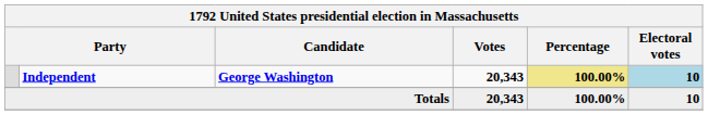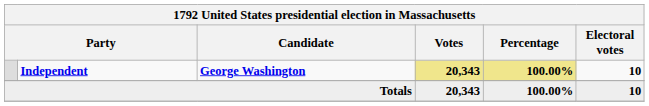 <table class="wikitable" style="font-size: 95%;">
 <tr>
 <th colspan="6">1792 United States presidential election in Massachusetts</th>
 </tr>
 <tr>
 <th colspan="2" style="width: 15em">Party</th>
 <th style="width: 17em">Candidate</th>
 <th style="width: 5em">Votes</th>
 <th style="width: 7em">Percentage</th>
 <th style="width: 5em">Electoral votes</th>
 </tr>
 <tr>
 <th style="background-color:#DDDDDD; width: 3px"></th>
 <td style="width: 130px"><strong><a href='#'>Independent</a></strong></td>
 <td><strong><a href='#'>George Washington</a></strong></td>
-<td align="right"><strong>20,343</strong></td>
+<td align="right" style="background: khaki;"><strong>20,343</strong></td>
 <td align="right" style="background: khaki;"><strong>100.00%</strong></td>
-<td align="right" style="background: lightblue;"><strong>10</strong></td>
+<td align="right"><strong>10</strong></td>
 </tr>
 <tr>
 </tr>
 <tr bgcolor="#EEEEEE">
 <td colspan="3" align="right"><strong>Totals</strong></td>
 <td align="right"><strong>20,343</strong></td>
 <td align="right"><strong>100.00%</strong></td>
 <td align="right"><strong>10</strong></td>
 </tr>
 <tr>
 </tr>
 </table>
